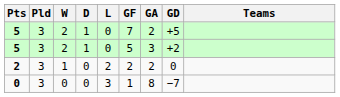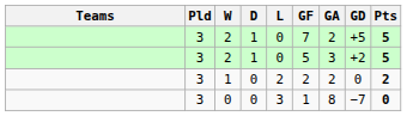 <table class="wikitable" style="text-align:center">
 <tr>
-<th width="20">Pts</th>
+<th width="175">Teams</th>
 <th width="20">Pld</th>
 <th width="20">W</th>
 <th width="20">D</th>
 <th width="20">L</th>
 <th width="20">GF</th>
 <th width="20">GA</th>
 <th width="20">GD</th>
-<th width="175">Teams</th>
+<th width="20">Pts</th>
 </tr>
 <tr style="background:#ccffcc">
-<td><strong>5</strong></td>
+<td style="text-align:left"></td>
 <td>3</td>
 <td>2</td>
 <td>1</td>
 <td>0</td>
 <td>7</td>
 <td>2</td>
 <td>+5</td>
-<td style="text-align:left"></td>
+<td><strong>5</strong></td>
 </tr>
 <tr style="background:#ccffcc">
-<td><strong>5</strong></td>
+<td style="text-align:left"></td>
 <td>3</td>
 <td>2</td>
 <td>1</td>
 <td>0</td>
 <td>5</td>
 <td>3</td>
 <td>+2</td>
-<td style="text-align:left"></td>
+<td><strong>5</strong></td>
 </tr>
 <tr>
-<td><strong>2</strong></td>
+<td style="text-align:left"></td>
 <td>3</td>
 <td>1</td>
 <td>0</td>
 <td>2</td>
 <td>2</td>
 <td>2</td>
 <td>0</td>
-<td style="text-align:left"></td>
+<td><strong>2</strong></td>
 </tr>
 <tr>
-<td><strong>0</strong></td>
+<td style="text-align:left"></td>
 <td>3</td>
 <td>0</td>
 <td>0</td>
 <td>3</td>
 <td>1</td>
 <td>8</td>
 <td>−7</td>
-<td style="text-align:left"></td>
+<td><strong>0</strong></td>
 </tr>
 </table>
